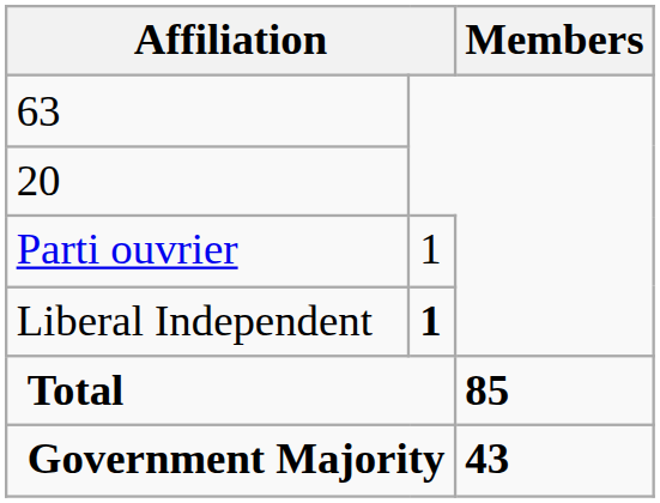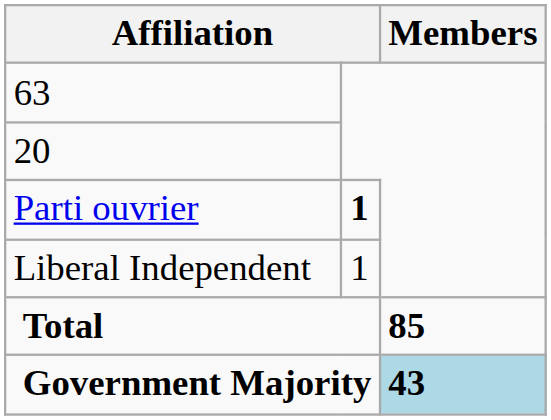 <table class="wikitable">
 <tr>
 <th colspan="2">Affiliation</th>
 <th>Members</th>
 </tr>
 <tr>
 <td>63</td>
 </tr>
 <tr>
 <td>20</td>
 </tr>
 <tr>
 <td align=left><a href='#'>Parti ouvrier</a></td>
-<td>1</td>
+<td><strong>1</strong></td>
 </tr>
 <tr>
 <td>Liberal Independent</td>
-<td><strong>1</strong></td>
+<td>1</td>
 </tr>
 <tr>
 <td colspan="2" rowspan="1" align=left> <strong>Total</strong><br></td>
 <td><strong>85</strong></td>
 </tr>
 <tr>
 <td colspan="2" rowspan="1" align=left> <strong>Government Majority</strong><br></td>
-<td><strong>43</strong></td>
+<td style="background: lightblue;"><strong>43</strong></td>
 </tr>
 </table>
